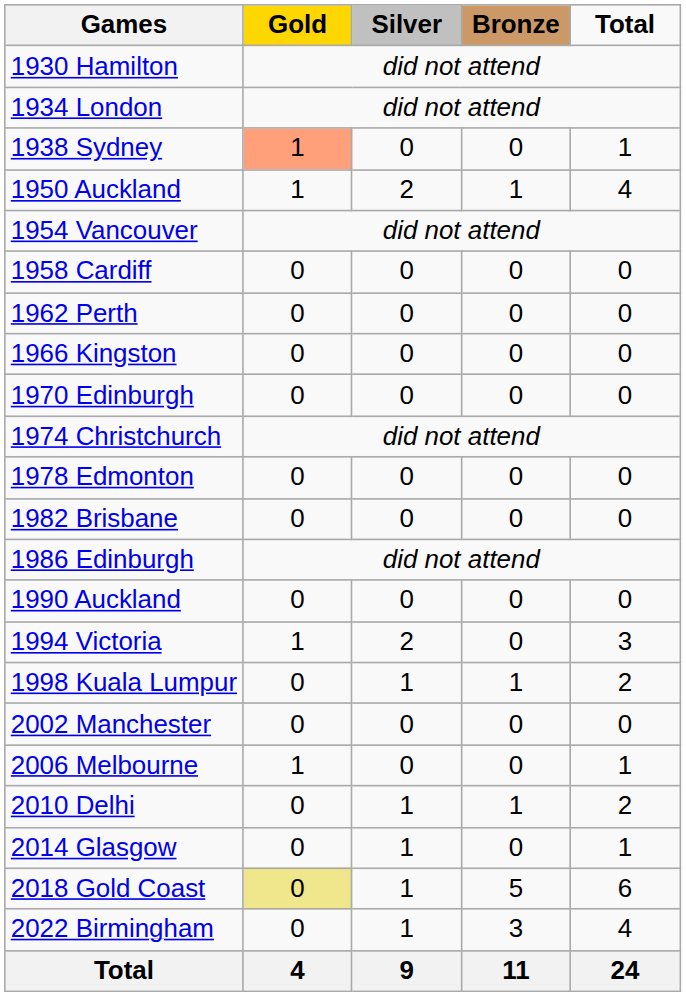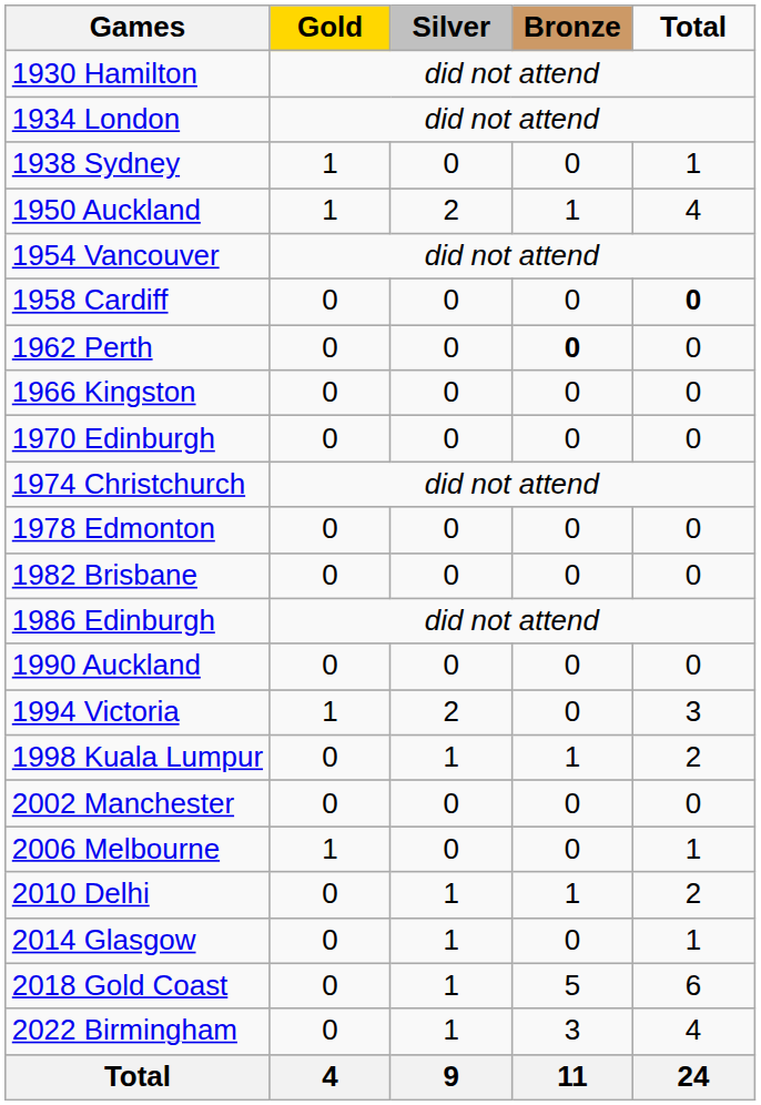 <table class="wikitable" style="text-align:center">
 <tr>
 <th>Games</th>
 <td width=60 bgcolor=gold><strong>Gold</strong></td>
 <td width=60 bgcolor=silver><strong>Silver</strong></td>
 <td width=60 bgcolor=cc9966><strong>Bronze</strong></td>
 <td width=60><strong>Total</strong></td>
 </tr>
 <tr>
 <td align=left><a href='#'>1930 Hamilton</a></td>
 <td colspan=4><em>did not attend</em></td>
 </tr>
 <tr>
 <td align=left><a href='#'>1934 London</a></td>
 <td colspan=4><em>did not attend</em></td>
 </tr>
 <tr>
 <td align=left><a href='#'>1938 Sydney</a></td>
-<td style="background: lightsalmon;">1</td>
+<td>1</td>
 <td>0</td>
 <td>0</td>
 <td>1</td>
 </tr>
 <tr>
 <td align=left><a href='#'>1950 Auckland</a></td>
 <td>1</td>
 <td>2</td>
 <td>1</td>
 <td>4</td>
 </tr>
 <tr>
 <td align=left><a href='#'>1954 Vancouver</a></td>
 <td colspan=4><em>did not attend</em></td>
 </tr>
 <tr>
 <td align=left><a href='#'>1958 Cardiff</a></td>
 <td>0</td>
 <td>0</td>
 <td>0</td>
-<td>0</td>
+<td><strong>0</strong></td>
 </tr>
 <tr>
 <td align=left><a href='#'>1962 Perth</a></td>
 <td>0</td>
 <td>0</td>
-<td>0</td>
+<td><strong>0</strong></td>
 <td>0</td>
 </tr>
 <tr>
 <td align=left><a href='#'>1966 Kingston</a></td>
 <td>0</td>
 <td>0</td>
 <td>0</td>
 <td>0</td>
 </tr>
 <tr>
 <td align=left><a href='#'>1970 Edinburgh</a></td>
 <td>0</td>
 <td>0</td>
 <td>0</td>
 <td>0</td>
 </tr>
 <tr>
 <td align=left><a href='#'>1974 Christchurch</a></td>
 <td colspan=4><em>did not attend</em></td>
 </tr>
 <tr>
 <td align=left><a href='#'>1978 Edmonton</a></td>
 <td>0</td>
 <td>0</td>
 <td>0</td>
 <td>0</td>
 </tr>
 <tr>
 <td align=left><a href='#'>1982 Brisbane</a></td>
 <td>0</td>
 <td>0</td>
 <td>0</td>
 <td>0</td>
 </tr>
 <tr>
 <td align=left><a href='#'>1986 Edinburgh</a></td>
 <td colspan=4><em>did not attend</em></td>
 </tr>
 <tr>
 <td align=left><a href='#'>1990 Auckland</a></td>
 <td>0</td>
 <td>0</td>
 <td>0</td>
 <td>0</td>
 </tr>
 <tr>
 <td align=left><a href='#'>1994 Victoria</a></td>
 <td>1</td>
 <td>2</td>
 <td>0</td>
 <td>3</td>
 </tr>
 <tr>
 <td align=left><a href='#'>1998 Kuala Lumpur</a></td>
 <td>0</td>
 <td>1</td>
 <td>1</td>
 <td>2</td>
 </tr>
 <tr>
 <td align=left><a href='#'>2002 Manchester</a></td>
 <td>0</td>
 <td>0</td>
 <td>0</td>
 <td>0</td>
 </tr>
 <tr>
 <td align=left><a href='#'>2006 Melbourne</a></td>
 <td>1</td>
 <td>0</td>
 <td>0</td>
 <td>1</td>
 </tr>
 <tr>
 <td align=left><a href='#'>2010 Delhi</a></td>
 <td>0</td>
 <td>1</td>
 <td>1</td>
 <td>2</td>
 </tr>
 <tr>
 <td align=left><a href='#'>2014 Glasgow</a></td>
 <td>0</td>
 <td>1</td>
 <td>0</td>
 <td>1</td>
 </tr>
 <tr>
 <td align=left><a href='#'>2018 Gold Coast</a></td>
-<td style="background: khaki;">0</td>
+<td>0</td>
 <td>1</td>
 <td>5</td>
 <td>6</td>
 </tr>
 <tr>
 <td align=left><a href='#'>2022 Birmingham</a></td>
 <td>0</td>
 <td>1</td>
 <td>3</td>
 <td>4</td>
 </tr>
 <tr>
 <th>Total</th>
 <th>4</th>
 <th>9</th>
 <th>11</th>
 <th>24</th>
 </tr>
 </table>
